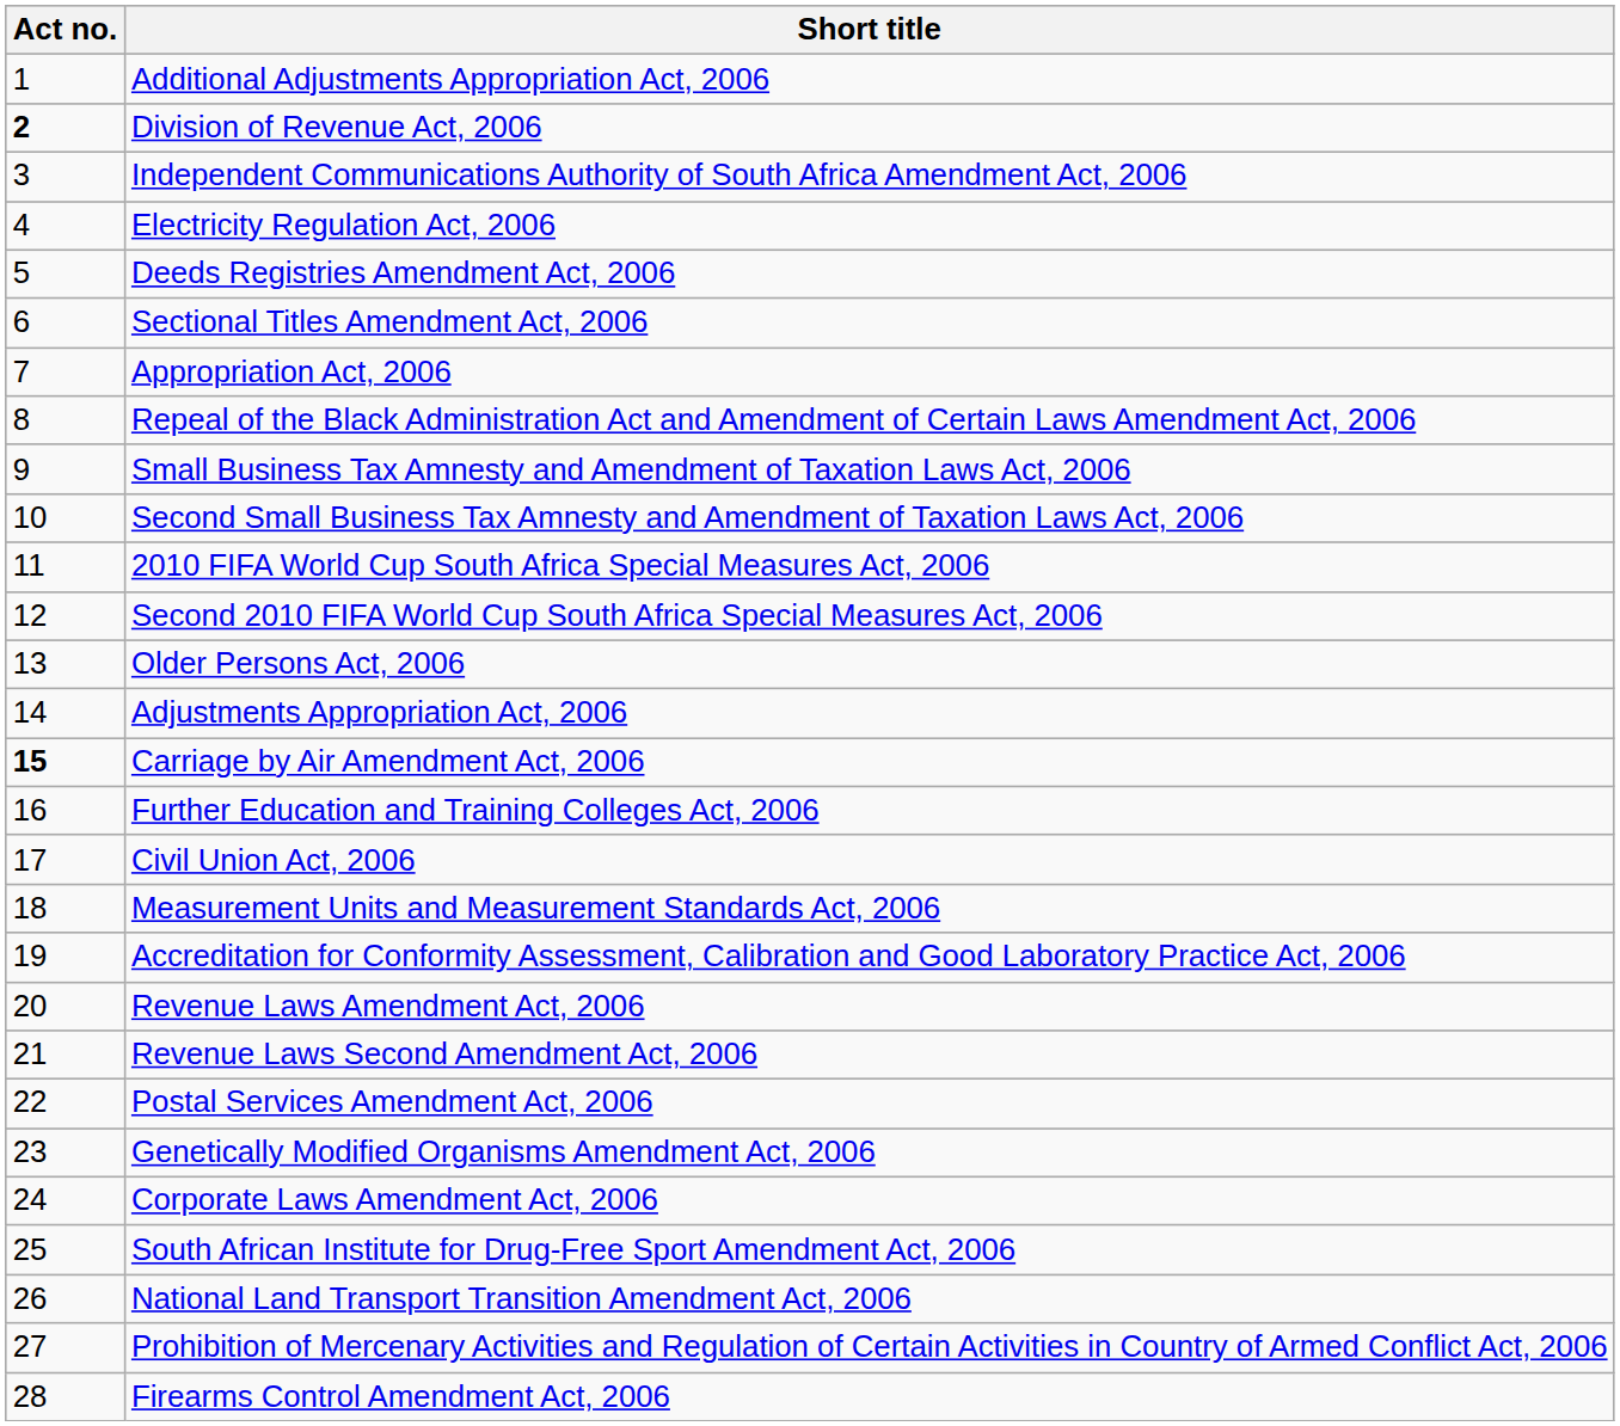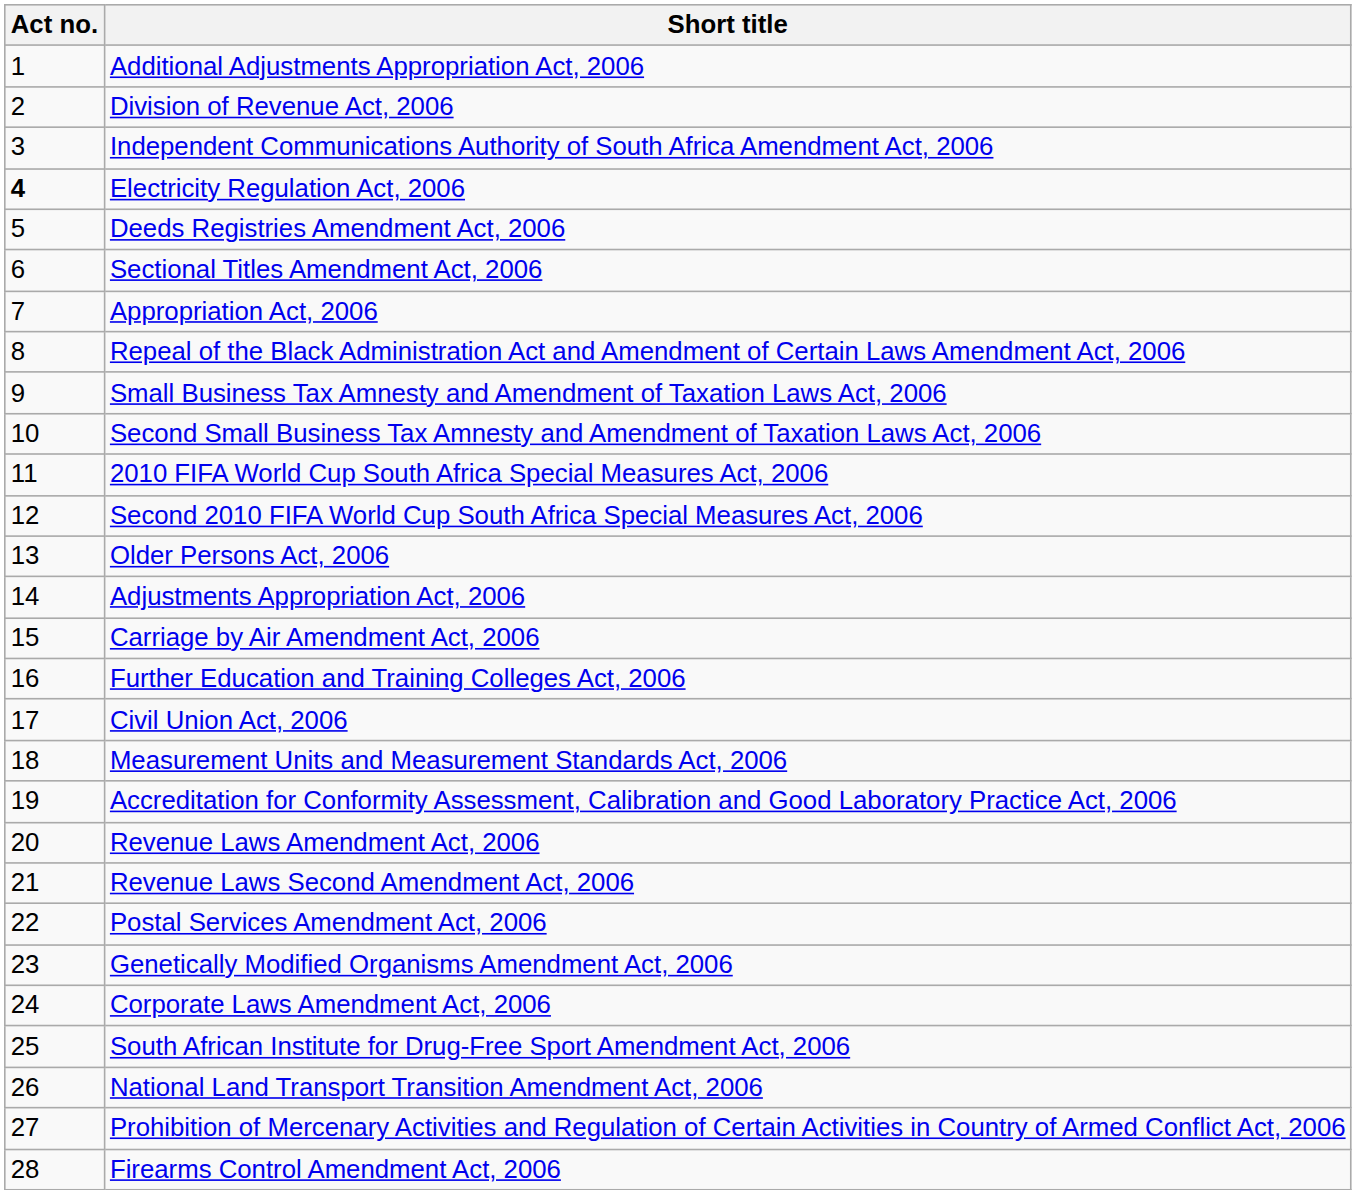 <table class="wikitable sortable">
 <tr>
 <th>Act no.</th>
 <th>Short title</th>
 </tr>
 <tr>
 <td>1</td>
 <td><a href='#'>Additional Adjustments Appropriation Act, 2006</a></td>
 </tr>
 <tr>
-<td><strong>2</strong></td>
+<td>2</td>
 <td><a href='#'>Division of Revenue Act, 2006</a></td>
 </tr>
 <tr>
 <td>3</td>
 <td><a href='#'>Independent Communications Authority of South Africa Amendment Act, 2006</a></td>
 </tr>
 <tr>
-<td>4</td>
+<td><strong>4</strong></td>
 <td><a href='#'>Electricity Regulation Act, 2006</a></td>
 </tr>
 <tr>
 <td>5</td>
 <td><a href='#'>Deeds Registries Amendment Act, 2006</a></td>
 </tr>
 <tr>
 <td>6</td>
 <td><a href='#'>Sectional Titles Amendment Act, 2006</a></td>
 </tr>
 <tr>
 <td>7</td>
 <td><a href='#'>Appropriation Act, 2006</a></td>
 </tr>
 <tr>
 <td>8</td>
 <td><a href='#'>Repeal of the Black Administration Act and Amendment of Certain Laws Amendment Act, 2006</a></td>
 </tr>
 <tr>
 <td>9</td>
 <td><a href='#'>Small Business Tax Amnesty and Amendment of Taxation Laws Act, 2006</a></td>
 </tr>
 <tr>
 <td>10</td>
 <td><a href='#'>Second Small Business Tax Amnesty and Amendment of Taxation Laws Act, 2006</a></td>
 </tr>
 <tr>
 <td>11</td>
 <td><a href='#'>2010 FIFA World Cup South Africa Special Measures Act, 2006</a></td>
 </tr>
 <tr>
 <td>12</td>
 <td><a href='#'>Second 2010 FIFA World Cup South Africa Special Measures Act, 2006</a></td>
 </tr>
 <tr>
 <td>13</td>
 <td><a href='#'>Older Persons Act, 2006</a></td>
 </tr>
 <tr>
 <td>14</td>
 <td><a href='#'>Adjustments Appropriation Act, 2006</a></td>
 </tr>
 <tr>
-<td><strong>15</strong></td>
+<td>15</td>
 <td><a href='#'>Carriage by Air Amendment Act, 2006</a></td>
 </tr>
 <tr>
 <td>16</td>
 <td><a href='#'>Further Education and Training Colleges Act, 2006</a></td>
 </tr>
 <tr>
 <td>17</td>
 <td><a href='#'>Civil Union Act, 2006</a></td>
 </tr>
 <tr>
 <td>18</td>
 <td><a href='#'>Measurement Units and Measurement Standards Act, 2006</a></td>
 </tr>
 <tr>
 <td>19</td>
 <td><a href='#'>Accreditation for Conformity Assessment, Calibration and Good Laboratory Practice Act, 2006</a></td>
 </tr>
 <tr>
 <td>20</td>
 <td><a href='#'>Revenue Laws Amendment Act, 2006</a></td>
 </tr>
 <tr>
 <td>21</td>
 <td><a href='#'>Revenue Laws Second Amendment Act, 2006</a></td>
 </tr>
 <tr>
 <td>22</td>
 <td><a href='#'>Postal Services Amendment Act, 2006</a></td>
 </tr>
 <tr>
 <td>23</td>
 <td><a href='#'>Genetically Modified Organisms Amendment Act, 2006</a></td>
 </tr>
 <tr>
 <td>24</td>
 <td><a href='#'>Corporate Laws Amendment Act, 2006</a></td>
 </tr>
 <tr>
 <td>25</td>
 <td><a href='#'>South African Institute for Drug-Free Sport Amendment Act, 2006</a></td>
 </tr>
 <tr>
 <td>26</td>
 <td><a href='#'>National Land Transport Transition Amendment Act, 2006</a></td>
 </tr>
 <tr>
 <td>27</td>
 <td><a href='#'>Prohibition of Mercenary Activities and Regulation of Certain Activities in Country of Armed Conflict Act, 2006</a></td>
 </tr>
 <tr>
 <td>28</td>
 <td><a href='#'>Firearms Control Amendment Act, 2006</a></td>
 </tr>
 </table>
